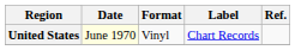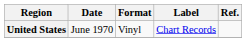 <table class="wikitable plainrowheaders">
 <tr>
 <th scope="col">Region</th>
 <th scope="col">Date</th>
 <th scope="col">Format</th>
 <th scope="col">Label</th>
 <th scope="col">Ref.</th>
 </tr>
 <tr>
 <th scope="row">United States</th>
-<td style="background: lightyellow;">June 1970</td>
+<td>June 1970</td>
 <td>Vinyl</td>
 <td><a href='#'>Chart Records</a></td>
 <td></td>
 </tr>
 <tr>
 </tr>
 </table>
